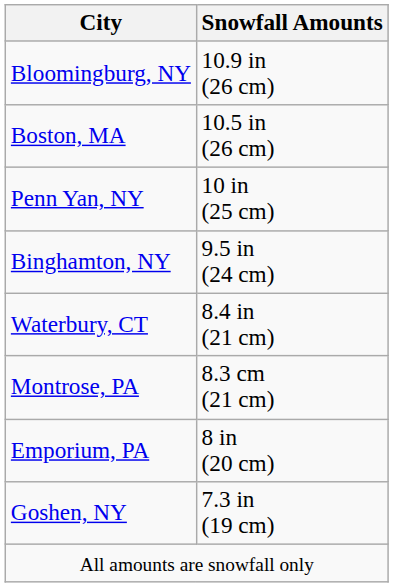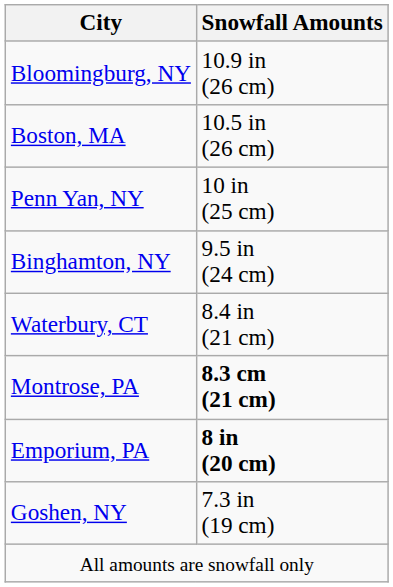 <table class="wikitable" style="margin:0 0 0.5em 1em;float:right;">
 <tr>
 <th>City</th>
 <th>Snowfall Amounts</th>
 </tr>
 <tr>
 <td><a href='#'>Bloomingburg, NY</a></td>
 <td>10.9 in <br> (26 cm)</td>
 </tr>
 <tr>
 <td><a href='#'>Boston, MA</a></td>
 <td>10.5 in <br> (26 cm)</td>
 </tr>
 <tr>
 <td><a href='#'>Penn Yan, NY</a></td>
 <td>10 in <br> (25 cm)</td>
 </tr>
 <tr>
 <td><a href='#'>Binghamton, NY</a></td>
 <td>9.5 in <br> (24 cm)</td>
 </tr>
 <tr>
 <td><a href='#'>Waterbury, CT</a></td>
 <td>8.4 in <br> (21 cm)</td>
 </tr>
 <tr>
 <td><a href='#'>Montrose, PA</a></td>
-<td>8.3 cm <br> (21 cm)</td>
+<td><strong>8.3 cm <br> (21 cm)</strong></td>
 </tr>
 <tr>
 <td><a href='#'>Emporium, PA</a></td>
-<td>8 in <br> (20 cm)</td>
+<td><strong>8 in <br> (20 cm)</strong></td>
 </tr>
 <tr>
 <td><a href='#'>Goshen, NY</a></td>
 <td>7.3 in <br> (19 cm)</td>
 </tr>
 <tr>
 <td colspan="2" style="text-align:center;"><small>All amounts are snowfall only</small></td>
 </tr>
 </table>
